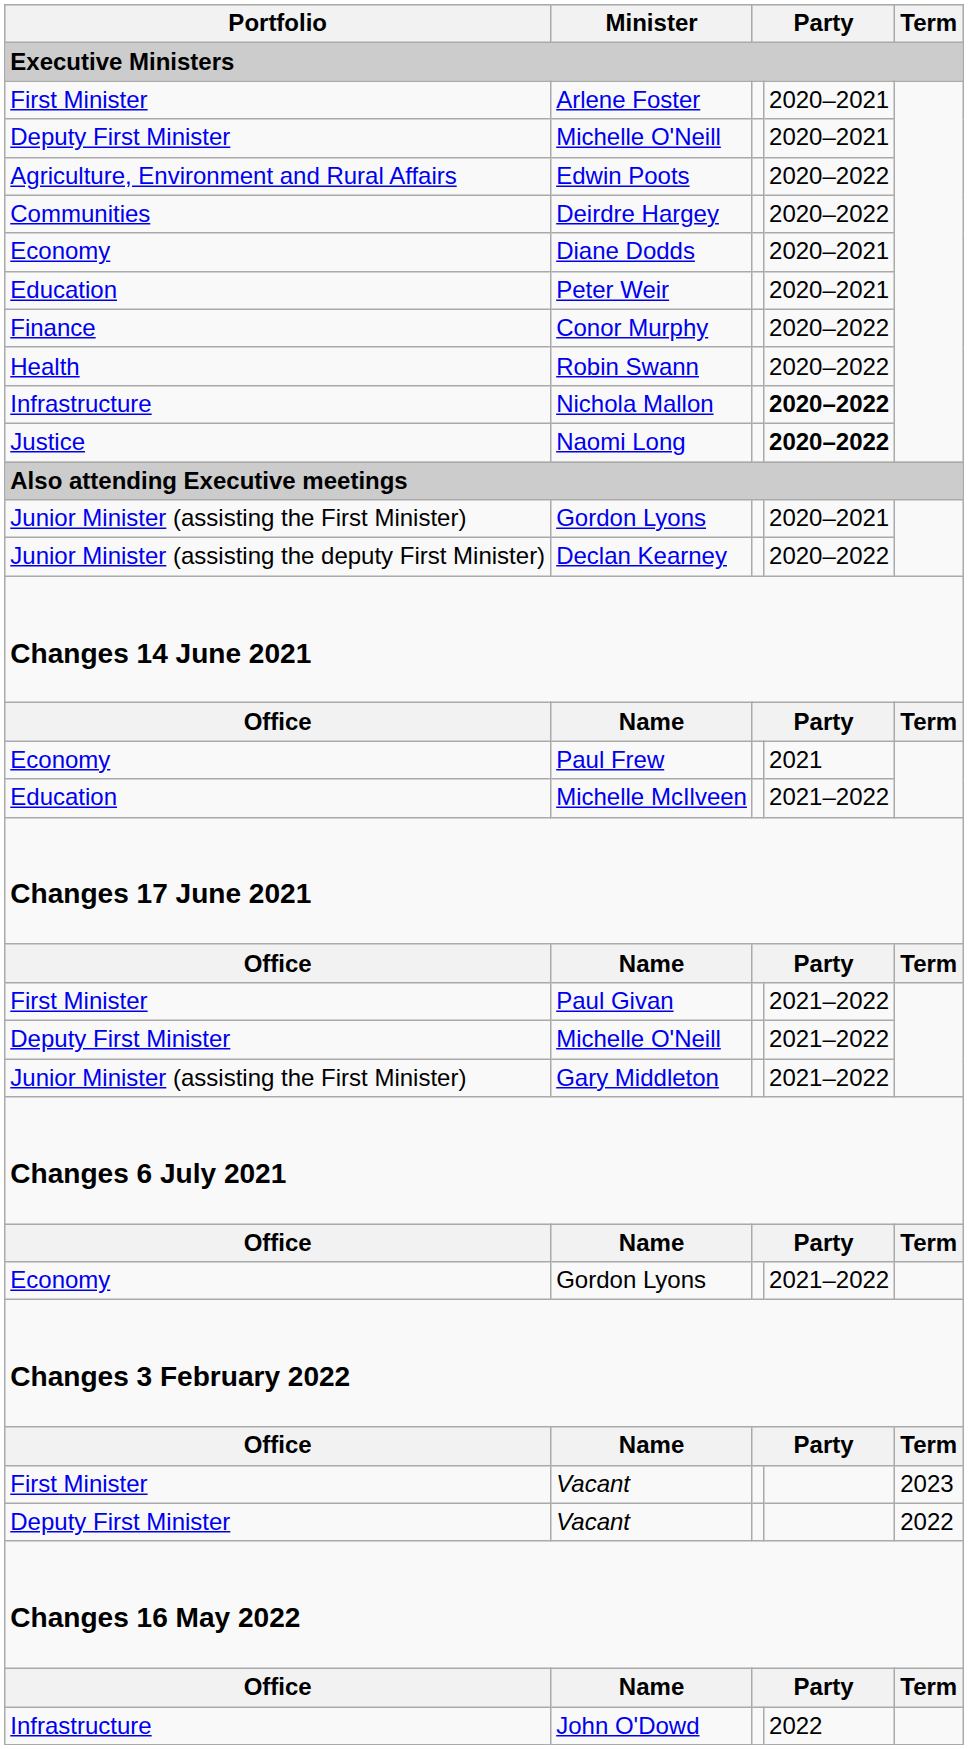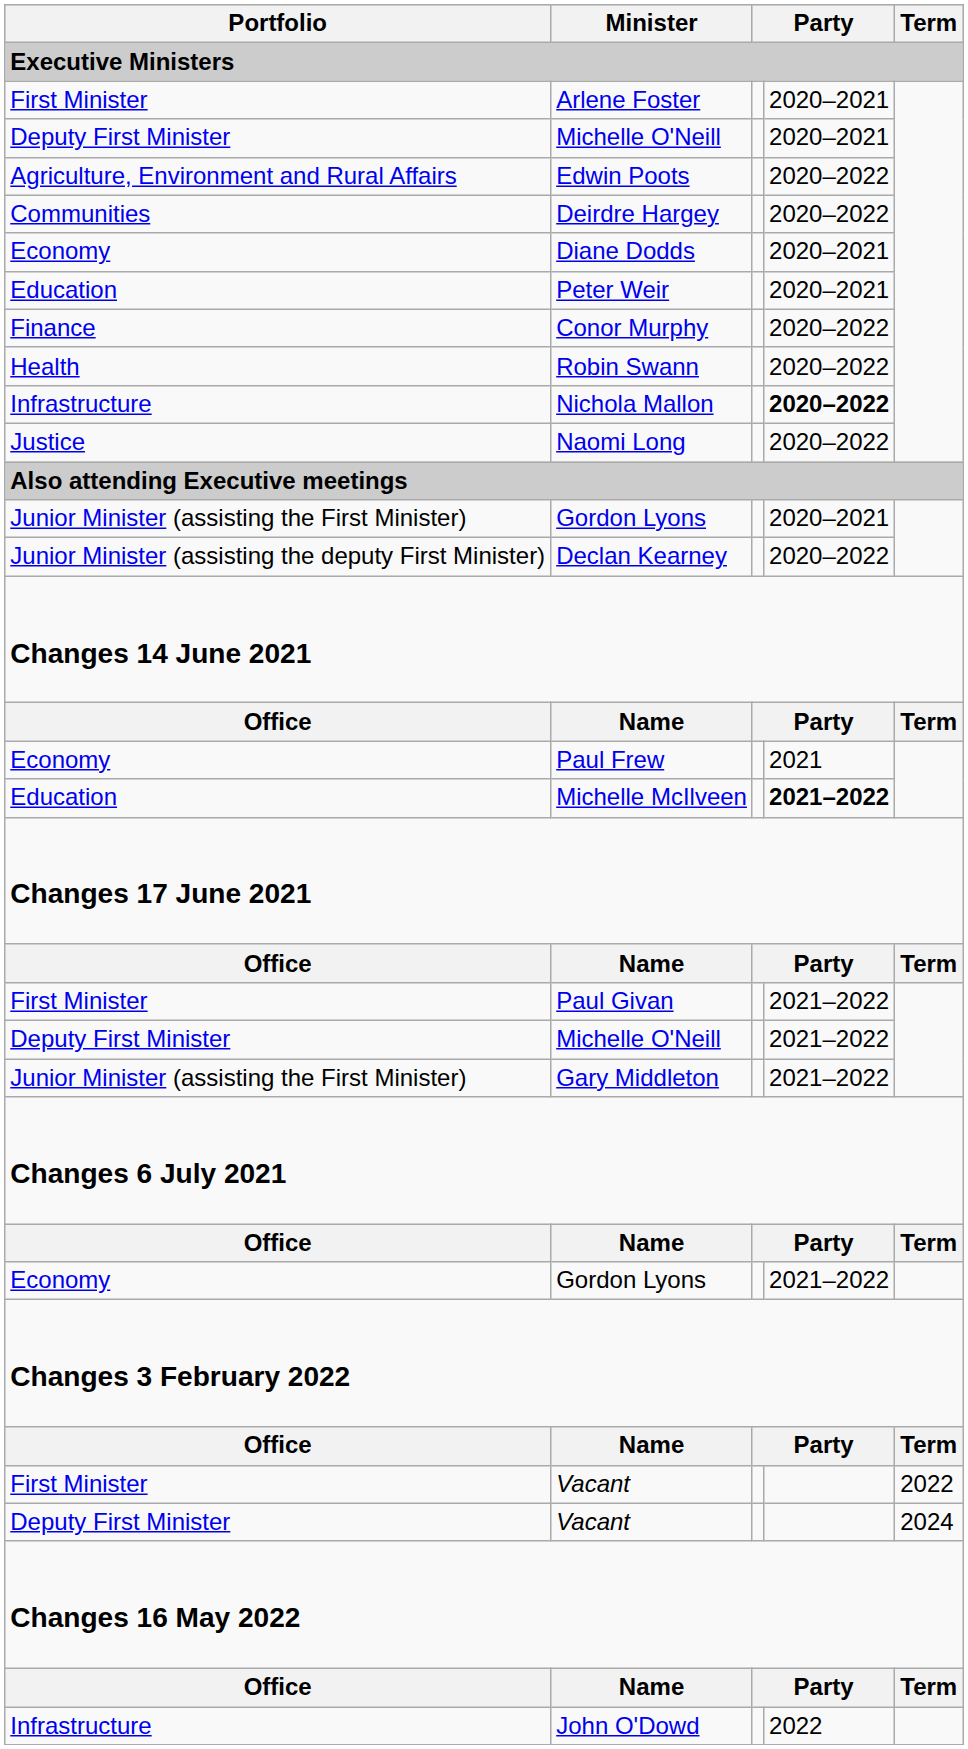 <table class="wikitable sortable">
 <tr style="background:#cccccc;">
 <th>Portfolio</th>
 <th>Minister</th>
 <th colspan="2">Party</th>
 <th>Term</th>
 </tr>
 <tr>
 <td style="background:#cccccc;" colspan="5"><strong>Executive Ministers</strong></td>
 </tr>
 <tr>
 <td><a href='#'>First Minister</a></td>
 <td><a href='#'>Arlene Foster</a></td>
 <td></td>
 <td>2020–2021</td>
 </tr>
 <tr>
 <td><a href='#'>Deputy First Minister</a></td>
 <td><a href='#'>Michelle O'Neill</a></td>
 <td></td>
 <td>2020–2021</td>
 </tr>
 <tr>
 <td><a href='#'>Agriculture, Environment and Rural Affairs</a></td>
 <td><a href='#'>Edwin Poots</a></td>
 <td></td>
 <td>2020–2022</td>
 </tr>
 <tr>
 <td><a href='#'>Communities</a></td>
 <td><a href='#'>Deirdre Hargey</a></td>
 <td></td>
 <td>2020–2022</td>
 </tr>
 <tr>
 <td><a href='#'>Economy</a></td>
 <td><a href='#'>Diane Dodds</a></td>
 <td></td>
 <td>2020–2021</td>
 </tr>
 <tr>
 <td><a href='#'>Education</a></td>
 <td><a href='#'>Peter Weir</a></td>
 <td></td>
 <td>2020–2021</td>
 </tr>
 <tr>
 <td><a href='#'>Finance</a></td>
 <td><a href='#'>Conor Murphy</a></td>
 <td></td>
 <td>2020–2022</td>
 </tr>
 <tr>
 <td><a href='#'>Health</a></td>
 <td><a href='#'>Robin Swann</a></td>
 <td></td>
 <td>2020–2022</td>
 </tr>
 <tr>
 <td><a href='#'>Infrastructure</a></td>
 <td><a href='#'>Nichola Mallon</a></td>
 <td></td>
 <td><strong>2020–2022</strong></td>
 </tr>
 <tr>
 <td><a href='#'>Justice</a></td>
 <td><a href='#'>Naomi Long</a></td>
 <td></td>
-<td><strong>2020–2022</strong></td>
+<td>2020–2022</td>
 </tr>
 <tr>
 <td style="background:#cccccc;" colspan="5"><strong>Also attending Executive meetings</strong></td>
 </tr>
 <tr>
 <td><a href='#'>Junior Minister</a> (assisting the First Minister)</td>
 <td><a href='#'>Gordon Lyons</a></td>
 <td></td>
 <td>2020–2021</td>
 </tr>
 <tr>
 <td><a href='#'>Junior Minister</a> (assisting the deputy First Minister)</td>
 <td><a href='#'>Declan Kearney</a></td>
 <td></td>
 <td>2020–2022</td>
 </tr>
 <tr>
 <td colspan="5"><br><h3>Changes 14 June 2021</h3></td>
 </tr>
 <tr>
 <th>Office</th>
 <th>Name</th>
 <th colspan="2">Party</th>
 <th>Term</th>
 </tr>
 <tr>
 <td><a href='#'>Economy</a></td>
 <td><a href='#'>Paul Frew</a></td>
 <td></td>
 <td>2021</td>
 </tr>
 <tr>
 <td><a href='#'>Education</a></td>
 <td><a href='#'>Michelle McIlveen</a></td>
 <td></td>
-<td>2021–2022</td>
+<td><strong>2021–2022</strong></td>
 </tr>
 <tr>
 <td colspan="5"><br><h3>Changes 17 June 2021</h3></td>
 </tr>
 <tr>
 <th>Office</th>
 <th>Name</th>
 <th colspan="2">Party</th>
 <th>Term</th>
 </tr>
 <tr>
 <td><a href='#'>First Minister</a></td>
 <td><a href='#'>Paul Givan</a></td>
 <td></td>
 <td>2021–2022</td>
 </tr>
 <tr>
 <td><a href='#'>Deputy First Minister</a></td>
 <td><a href='#'>Michelle O'Neill</a></td>
 <td></td>
 <td>2021–2022</td>
 </tr>
 <tr>
 <td><a href='#'>Junior Minister</a> (assisting the First Minister)</td>
 <td><a href='#'>Gary Middleton</a></td>
 <td></td>
 <td>2021–2022</td>
 </tr>
 <tr>
 <td colspan="5"><br><h3>Changes 6 July 2021</h3></td>
 </tr>
 <tr>
 <th>Office</th>
 <th>Name</th>
 <th colspan="2">Party</th>
 <th>Term</th>
 </tr>
 <tr>
 <td><a href='#'>Economy</a></td>
 <td>Gordon Lyons</td>
 <td></td>
 <td>2021–2022</td>
 </tr>
 <tr>
 <td colspan="5"><br><h3>Changes 3 February 2022</h3></td>
 </tr>
 <tr>
 <th>Office</th>
 <th>Name</th>
 <th colspan="2">Party</th>
 <th>Term</th>
 </tr>
 <tr>
 <td><a href='#'>First Minister</a></td>
 <td><em>Vacant</em></td>
 <td></td>
 <td></td>
-<td>2023</td>
+<td>2022</td>
 </tr>
 <tr>
 <td><a href='#'>Deputy First Minister</a></td>
 <td><em>Vacant</em></td>
 <td></td>
 <td></td>
-<td>2022</td>
+<td>2024</td>
 </tr>
 <tr>
 <td colspan="5"><br><h3>Changes 16 May 2022</h3></td>
 </tr>
 <tr>
 <th>Office</th>
 <th>Name</th>
 <th colspan="2">Party</th>
 <th>Term</th>
 </tr>
 <tr>
 <td><a href='#'>Infrastructure</a></td>
 <td><a href='#'>John O'Dowd</a></td>
 <td></td>
 <td>2022</td>
 </tr>
 </table>
